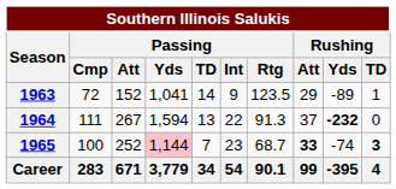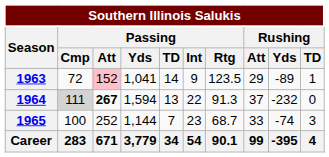 <table class=wikitable style="text-align:center;">
 <tr>
 <th colspan="12" style="background: #720000; border: 2px solid white; color:white;">Southern Illinois Salukis</th>
 </tr>
 <tr>
 <th rowspan="2">Season</th>
 <th colspan="6">Passing</th>
 <th colspan="3">Rushing</th>
 </tr>
 <tr>
 <th>Cmp</th>
 <th>Att</th>
 <th>Yds</th>
 <th>TD</th>
 <th>Int</th>
 <th>Rtg</th>
 <th>Att</th>
 <th>Yds</th>
 <th>TD</th>
 </tr>
 <tr>
 <th><a href='#'>1963</a></th>
 <td>72</td>
-<td>152</td>
+<td style="background: pink;">152</td>
 <td>1,041</td>
 <td>14</td>
 <td>9</td>
 <td>123.5</td>
 <td>29</td>
 <td>-89</td>
 <td>1</td>
 </tr>
 <tr>
 <th><a href='#'>1964</a></th>
-<td>111</td>
-<td>267</td>
+<td style="background: lightgrey;">111</td>
+<td><strong>267</strong></td>
 <td>1,594</td>
 <td>13</td>
 <td>22</td>
 <td>91.3</td>
 <td>37</td>
-<td><strong>-232</strong></td>
+<td>-232</td>
 <td>0</td>
 </tr>
 <tr>
 <th><a href='#'>1965</a></th>
 <td>100</td>
 <td>252</td>
-<td style="background: pink;">1,144</td>
+<td>1,144</td>
 <td>7</td>
 <td>23</td>
 <td>68.7</td>
-<td><strong>33</strong></td>
+<td>33</td>
 <td>-74</td>
-<td><strong>3</strong></td>
+<td>3</td>
 </tr>
 <tr>
 <th>Career</th>
 <th>283</th>
 <th>671</th>
 <th>3,779</th>
 <th>34</th>
 <th>54</th>
 <th>90.1</th>
 <th>99</th>
 <th>-395</th>
 <th>4</th>
 </tr>
 </table>
